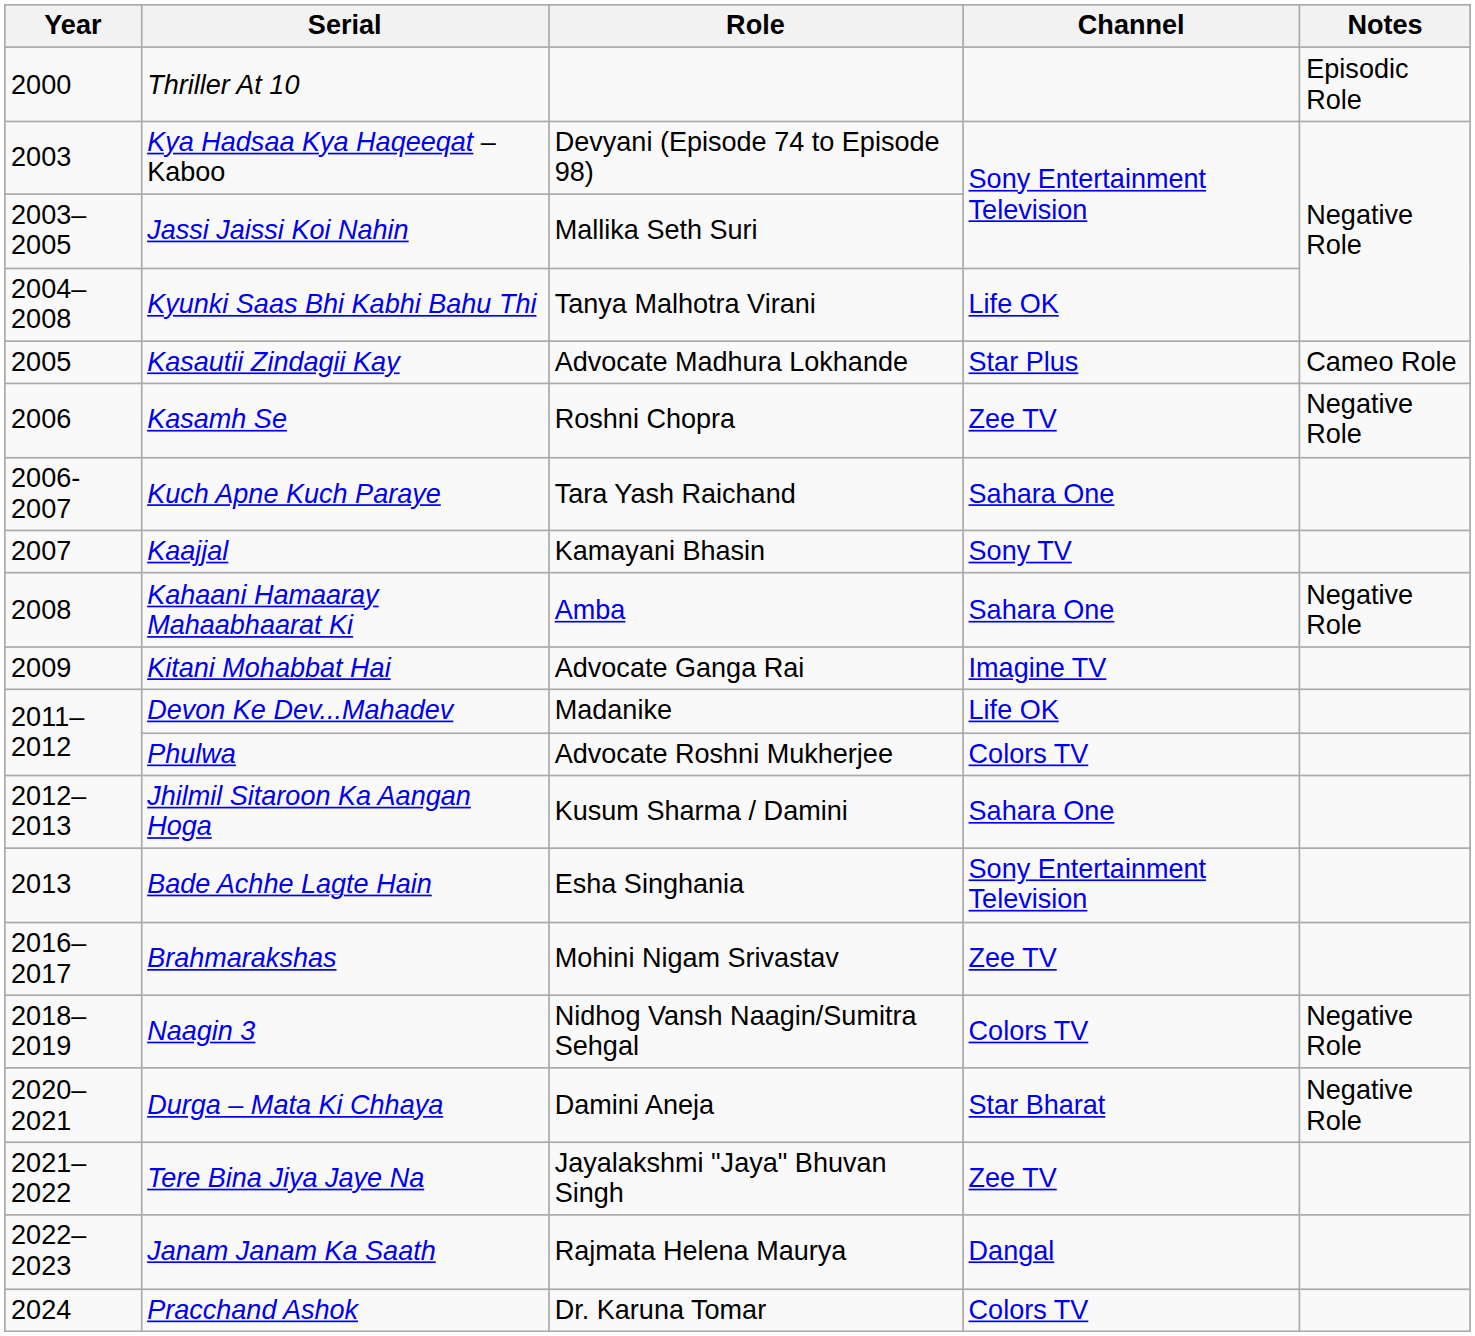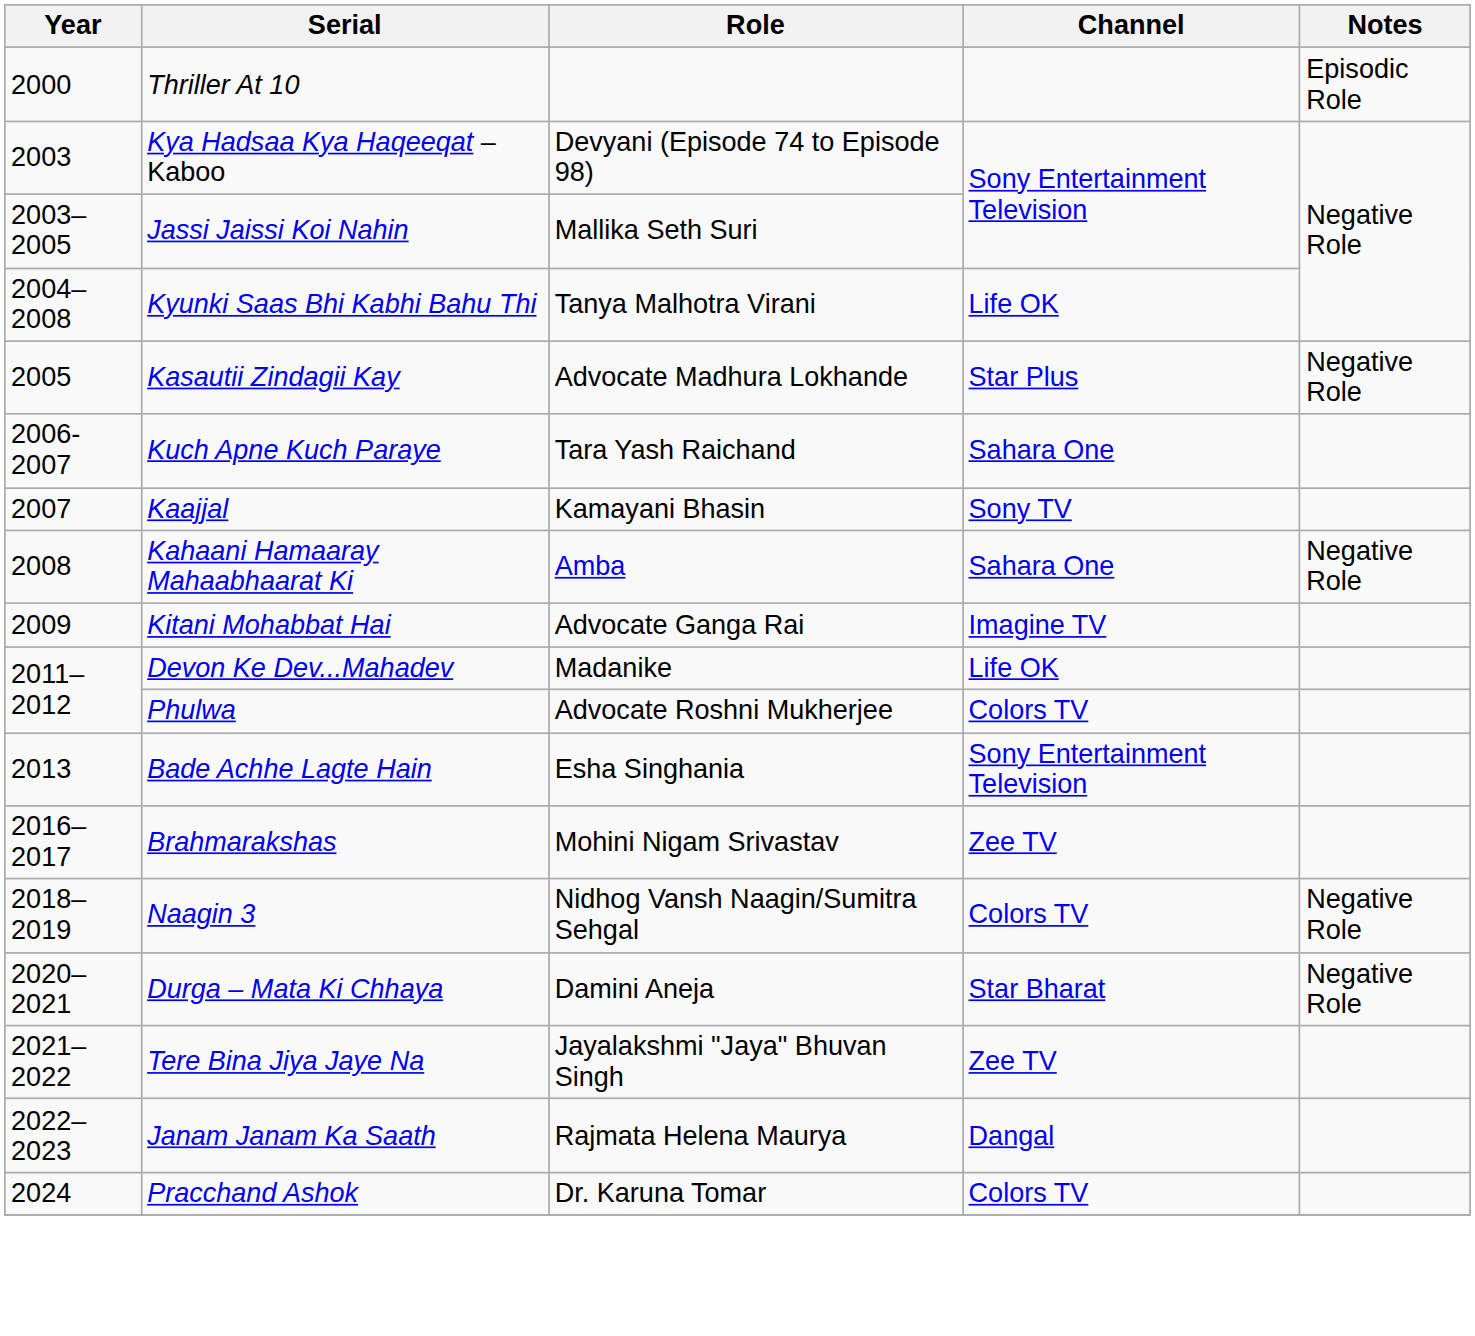 <table class="wikitable sortable">
 <tr>
 <th>Year</th>
 <th>Serial</th>
 <th>Role</th>
 <th>Channel</th>
 <th>Notes</th>
 </tr>
 <tr>
 <td>2000</td>
 <td><em>Thriller At 10</em></td>
 <td></td>
 <td></td>
 <td>Episodic Role</td>
 </tr>
 <tr>
 <td>2003</td>
 <td><em><a href='#'>Kya Hadsaa Kya Haqeeqat</a></em> – Kaboo</td>
 <td>Devyani (Episode 74 to Episode 98)</td>
 <td rowspan="2'"><a href='#'>Sony Entertainment Television</a></td>
 <td rowspan = "3">Negative Role</td>
 </tr>
 <tr>
 <td>2003–2005</td>
 <td><em><a href='#'>Jassi Jaissi Koi Nahin</a></em></td>
 <td>Mallika Seth Suri</td>
 </tr>
 <tr>
 <td>2004–2008</td>
 <td><em><a href='#'>Kyunki Saas Bhi Kabhi Bahu Thi</a></em></td>
 <td>Tanya Malhotra Virani</td>
 <td><a href='#'>Life OK</a></td>
 </tr>
 <tr>
 <td>2005</td>
 <td><em><a href='#'> Kasautii Zindagii Kay</a></em></td>
 <td>Advocate Madhura Lokhande</td>
 <td><a href='#'>Star Plus</a></td>
-<td>Cameo Role</td>
-</tr>
-<tr>
-<td>2006</td>
-<td><em><a href='#'>Kasamh Se</a></em></td>
-<td>Roshni Chopra</td>
-<td><a href='#'>Zee TV</a></td>
 <td>Negative Role</td>
 </tr>
 <tr>
 <td>2006-2007</td>
 <td><em><a href='#'>Kuch Apne Kuch Paraye</a></em></td>
 <td>Tara Yash Raichand</td>
 <td><a href='#'>Sahara One</a></td>
 <td></td>
 </tr>
 <tr>
 <td>2007</td>
 <td><em><a href='#'>Kaajjal</a></em></td>
 <td>Kamayani Bhasin</td>
 <td><a href='#'>Sony TV</a></td>
 <td></td>
 </tr>
 <tr>
 <td>2008</td>
 <td><em><a href='#'>Kahaani Hamaaray Mahaabhaarat Ki</a></em></td>
 <td><a href='#'>Amba</a></td>
 <td><a href='#'>Sahara One</a></td>
 <td>Negative Role</td>
 </tr>
 <tr>
 <td>2009</td>
 <td><em><a href='#'>Kitani Mohabbat Hai</a></em></td>
 <td>Advocate Ganga Rai</td>
 <td><a href='#'>Imagine TV</a></td>
 <td></td>
 </tr>
 <tr>
 <td rowspan="2">2011–2012</td>
 <td><em><a href='#'>Devon Ke Dev...Mahadev</a></em></td>
 <td>Madanike</td>
 <td><a href='#'>Life OK</a></td>
 <td></td>
 </tr>
 <tr>
 <td><em><a href='#'>Phulwa</a></em></td>
 <td>Advocate Roshni Mukherjee</td>
 <td><a href='#'>Colors TV</a></td>
-<td></td>
-</tr>
-<tr>
-<td>2012–2013</td>
-<td><a href='#'><em>Jhilmil Sitaroon Ka Aangan Hoga</em></a></td>
-<td>Kusum Sharma / Damini</td>
-<td><a href='#'>Sahara One</a></td>
 <td></td>
 </tr>
 <tr>
 <td>2013</td>
 <td><em><a href='#'>Bade Achhe Lagte Hain</a></em></td>
 <td>Esha Singhania</td>
 <td><a href='#'>Sony Entertainment Television</a></td>
 <td></td>
 </tr>
 <tr>
 <td>2016–2017</td>
 <td><em><a href='#'>Brahmarakshas</a></em></td>
 <td>Mohini Nigam Srivastav</td>
 <td><a href='#'>Zee TV</a></td>
 <td></td>
 </tr>
 <tr>
 <td>2018–2019</td>
 <td><em><a href='#'>Naagin 3</a></em></td>
 <td>Nidhog Vansh Naagin/Sumitra Sehgal</td>
 <td><a href='#'>Colors TV</a></td>
 <td>Negative Role</td>
 </tr>
 <tr>
 <td>2020–2021</td>
 <td><em><a href='#'>Durga – Mata Ki Chhaya</a></em></td>
 <td>Damini Aneja</td>
 <td><a href='#'>Star Bharat</a></td>
 <td>Negative Role</td>
 </tr>
 <tr>
 <td>2021–2022</td>
 <td><em><a href='#'>Tere Bina Jiya Jaye Na</a></em></td>
 <td>Jayalakshmi "Jaya" Bhuvan Singh</td>
 <td><a href='#'>Zee TV</a></td>
 <td></td>
 </tr>
 <tr>
 <td>2022–2023</td>
 <td><em><a href='#'>Janam Janam Ka Saath</a></em></td>
 <td>Rajmata Helena Maurya</td>
 <td><a href='#'> Dangal</a></td>
 <td></td>
 </tr>
 <tr>
 <td>2024</td>
 <td><em><a href='#'>Pracchand Ashok</a></em></td>
 <td>Dr. Karuna Tomar</td>
 <td><a href='#'>Colors TV</a></td>
 <td></td>
 </tr>
 <tr>
 </tr>
 </table>
